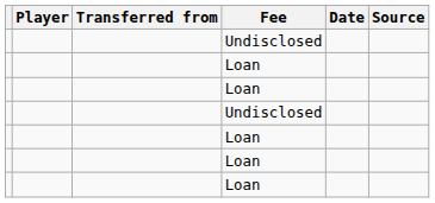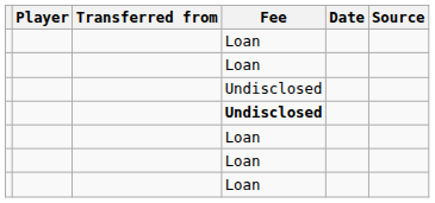 <table class="wikitable sortable">
 <tr>
 <th scope=col></th>
 <th scope=col>Player</th>
 <th scope=col>Transferred from</th>
 <th scope=col style="width:65px">Fee</th>
 <th scope=col>Date</th>
 <th scope=col>Source</th>
-</tr>
-<tr>
-<td align=center></td>
-<td></td>
-<td></td>
-<td>Undisclosed</td>
-<td></td>
-<td></td>
 </tr>
 <tr>
 <td align=center></td>
 <td></td>
 <td></td>
 <td>Loan</td>
 <td></td>
 <td></td>
 </tr>
 <tr>
 <td align=center></td>
 <td></td>
 <td></td>
 <td>Loan</td>
 <td></td>
 <td></td>
 </tr>
 <tr>
 <td align=center></td>
 <td></td>
 <td></td>
 <td>Undisclosed</td>
 <td></td>
 <td></td>
 </tr>
 <tr>
 <td align=center></td>
 <td></td>
 <td></td>
+<td><strong>Undisclosed</strong></td>
+<td></td>
+<td></td>
+</tr>
+<tr>
+<td align=center></td>
+<td></td>
+<td></td>
 <td>Loan</td>
 <td></td>
 <td></td>
 </tr>
 <tr>
 <td align=center></td>
 <td></td>
 <td></td>
 <td>Loan</td>
 <td></td>
 <td></td>
 </tr>
 <tr>
 <td align=center></td>
 <td></td>
 <td></td>
 <td>Loan</td>
 <td></td>
 <td></td>
 </tr>
 </table>
